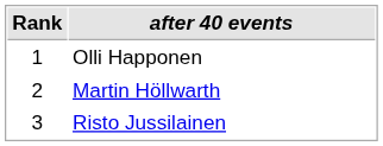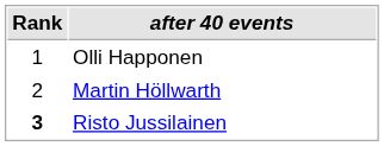 <table cellspacing="1" cellpadding="3" style="border:1px solid #AAAAAA;font-size:86%">
 <tr bgcolor="#E4E4E4">
 <th style="border-bottom:1px solid #AAAAAA" width=10>Rank</th>
 <th style="border-bottom:1px solid #AAAAAA" width=200><em>after 40 events</em></th>
 </tr>
 <tr>
 <td align=center>1</td>
 <td align=left> Olli Happonen</td>
 </tr>
 <tr>
 <td align=center>2</td>
 <td align=left> <a href='#'>Martin Höllwarth</a></td>
 </tr>
 <tr>
-<td align=center>3</td>
+<td align=center><strong>3</strong></td>
 <td align=left> <a href='#'>Risto Jussilainen</a></td>
 </tr>
 </table>
